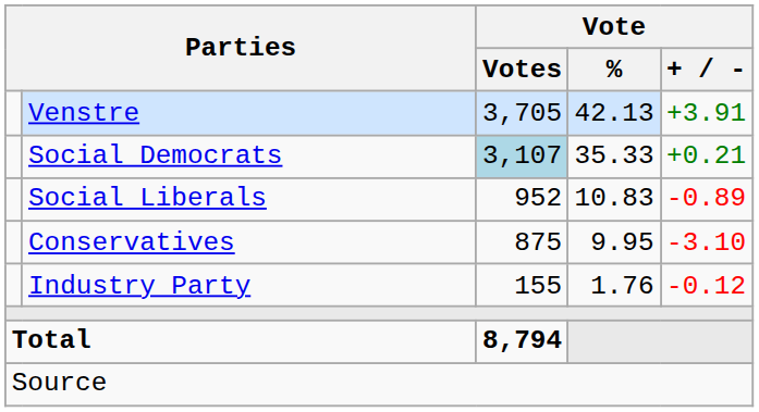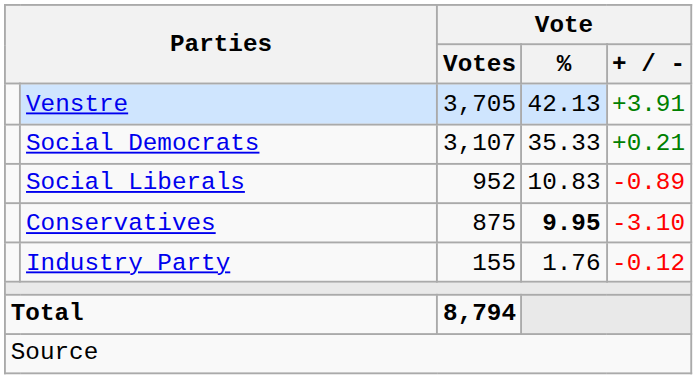 <table class="wikitable" style="text-align:right;">
 <tr>
 <th style="text-align:centre;" rowspan="2" colspan="2" width="225">Parties</th>
 <th colspan="3">Vote</th>
 </tr>
 <tr>
 <th width="15">Votes</th>
 <th width="15">%</th>
 <th width="15">+ / -</th>
 </tr>
 <tr>
 <td width="2" style="color:inherit;background:"></td>
 <td bgcolor=#cfe5fe  align="left"><a href='#'>Venstre</a></td>
 <td bgcolor=#cfe5fe>3,705</td>
 <td bgcolor=#cfe5fe>42.13</td>
 <td style=color:green;>+3.91</td>
 </tr>
 <tr>
 <td width="2" style="color:inherit;background:"></td>
 <td align="left"><a href='#'>Social Democrats</a></td>
-<td style="background: lightblue;">3,107</td>
+<td>3,107</td>
 <td>35.33</td>
 <td style=color:green;>+0.21</td>
 </tr>
 <tr>
 <td width="2" style="color:inherit;background:"></td>
 <td align="left"><a href='#'>Social Liberals</a></td>
 <td>952</td>
 <td>10.83</td>
 <td style=color:red;>-0.89</td>
 </tr>
 <tr>
 <td width="2" style="color:inherit;background:"></td>
 <td align="left"><a href='#'>Conservatives</a></td>
 <td>875</td>
-<td>9.95</td>
+<td><strong>9.95</strong></td>
 <td style=color:red;>-3.10</td>
 </tr>
 <tr>
 <td width="2" style="color:inherit;background:"></td>
 <td align="left"><a href='#'>Industry Party</a></td>
 <td>155</td>
 <td>1.76</td>
 <td style=color:red;>-0.12</td>
 </tr>
 <tr>
 <td colspan="7" bgcolor="#E9E9E9"></td>
 </tr>
 <tr>
 <td align="left" colspan="2"><strong>Total</strong></td>
 <td><strong>8,794</strong></td>
 <td bgcolor="#E9E9E9" colspan="2"></td>
 </tr>
 <tr>
 <td align="left" colspan="6">Source</td>
 </tr>
 </table>
